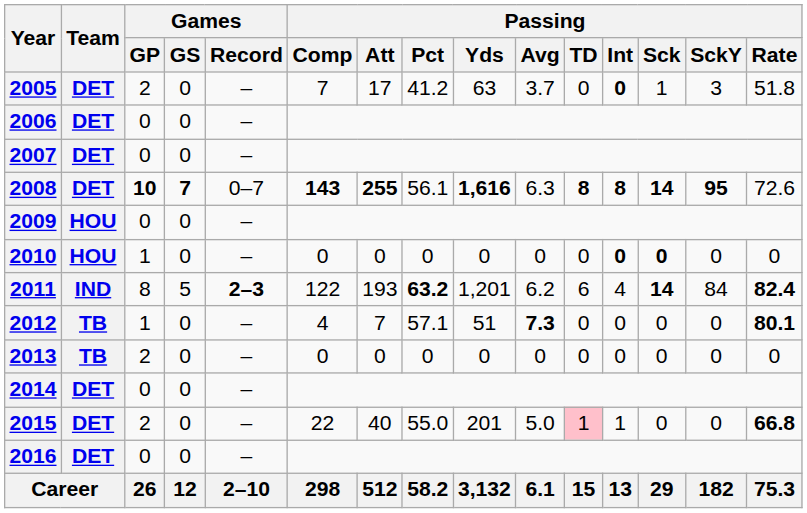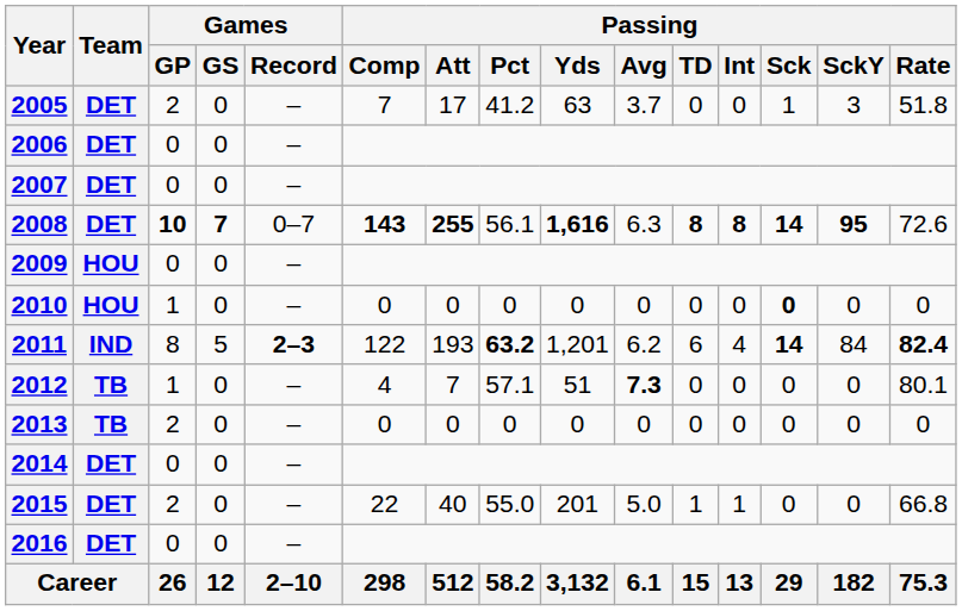 <table class="wikitable" style="text-align:center">
 <tr>
 <th rowspan="2">Year</th>
 <th rowspan="2">Team</th>
 <th colspan="3">Games</th>
 <th colspan="10">Passing</th>
 </tr>
 <tr>
 <th>GP</th>
 <th>GS</th>
 <th>Record</th>
 <th>Comp</th>
 <th>Att</th>
 <th>Pct</th>
 <th>Yds</th>
 <th>Avg</th>
 <th>TD</th>
 <th>Int</th>
 <th>Sck</th>
 <th>SckY</th>
 <th>Rate</th>
 </tr>
 <tr>
 <th><a href='#'>2005</a></th>
 <th><a href='#'>DET</a></th>
 <td>2</td>
 <td>0</td>
 <td>–</td>
 <td>7</td>
 <td>17</td>
 <td>41.2</td>
 <td>63</td>
 <td>3.7</td>
 <td>0</td>
-<td><strong>0</strong></td>
+<td>0</td>
 <td>1</td>
 <td>3</td>
 <td>51.8</td>
 </tr>
 <tr>
 <th><a href='#'>2006</a></th>
 <th><a href='#'>DET</a></th>
 <td>0</td>
 <td>0</td>
 <td>–</td>
 <td colspan="10"></td>
 </tr>
 <tr>
 <th><a href='#'>2007</a></th>
 <th><a href='#'>DET</a></th>
 <td>0</td>
 <td>0</td>
 <td>–</td>
 <td colspan="10"></td>
 </tr>
 <tr>
 <th><a href='#'>2008</a></th>
 <th><a href='#'>DET</a></th>
 <td><strong>10</strong></td>
 <td><strong>7</strong></td>
 <td>0–7</td>
 <td><strong>143</strong></td>
 <td><strong>255</strong></td>
 <td>56.1</td>
 <td><strong>1,616</strong></td>
 <td>6.3</td>
 <td><strong>8</strong></td>
 <td><strong>8</strong></td>
 <td><strong>14</strong></td>
 <td><strong>95</strong></td>
 <td>72.6</td>
 </tr>
 <tr>
 <th><a href='#'>2009</a></th>
 <th><a href='#'>HOU</a></th>
 <td>0</td>
 <td>0</td>
 <td>–</td>
 <td colspan="10"></td>
 </tr>
 <tr>
 <th><a href='#'>2010</a></th>
 <th><a href='#'>HOU</a></th>
 <td>1</td>
 <td>0</td>
 <td>–</td>
 <td>0</td>
 <td>0</td>
 <td>0</td>
 <td>0</td>
 <td>0</td>
 <td>0</td>
-<td><strong>0</strong></td>
+<td>0</td>
 <td><strong>0</strong></td>
 <td>0</td>
 <td>0</td>
 </tr>
 <tr>
 <th><a href='#'>2011</a></th>
 <th><a href='#'>IND</a></th>
 <td>8</td>
 <td>5</td>
 <td><strong>2–3</strong></td>
 <td>122</td>
 <td>193</td>
 <td><strong>63.2</strong></td>
 <td>1,201</td>
 <td>6.2</td>
 <td>6</td>
 <td>4</td>
 <td><strong>14</strong></td>
 <td>84</td>
 <td><strong>82.4</strong></td>
 </tr>
 <tr>
 <th><a href='#'>2012</a></th>
 <th><a href='#'>TB</a></th>
 <td>1</td>
 <td>0</td>
 <td>–</td>
 <td>4</td>
 <td>7</td>
 <td>57.1</td>
 <td>51</td>
 <td><strong>7.3</strong></td>
 <td>0</td>
 <td>0</td>
 <td>0</td>
 <td>0</td>
-<td><strong>80.1</strong></td>
+<td>80.1</td>
 </tr>
 <tr>
 <th><a href='#'>2013</a></th>
 <th><a href='#'>TB</a></th>
 <td>2</td>
 <td>0</td>
 <td>–</td>
 <td>0</td>
 <td>0</td>
 <td>0</td>
 <td>0</td>
 <td>0</td>
 <td>0</td>
 <td>0</td>
 <td>0</td>
 <td>0</td>
 <td>0</td>
 </tr>
 <tr>
 <th><a href='#'>2014</a></th>
 <th><a href='#'>DET</a></th>
 <td>0</td>
 <td>0</td>
 <td>–</td>
 <td colspan="10"></td>
 </tr>
 <tr>
 <th><a href='#'>2015</a></th>
 <th><a href='#'>DET</a></th>
 <td>2</td>
 <td>0</td>
 <td>–</td>
 <td>22</td>
 <td>40</td>
 <td>55.0</td>
 <td>201</td>
 <td>5.0</td>
-<td style="background: pink;">1</td>
+<td>1</td>
 <td>1</td>
 <td>0</td>
 <td>0</td>
-<td><strong>66.8</strong></td>
+<td>66.8</td>
 </tr>
 <tr>
 <th><a href='#'>2016</a></th>
 <th><a href='#'>DET</a></th>
 <td>0</td>
 <td>0</td>
 <td>–</td>
 <td colspan="10"></td>
 </tr>
 <tr class="sortbottom">
 <th colspan="2">Career</th>
 <th>26</th>
 <th>12</th>
 <th>2–10</th>
 <th>298</th>
 <th>512</th>
 <th>58.2</th>
 <th>3,132</th>
 <th>6.1</th>
 <th>15</th>
 <th>13</th>
 <th>29</th>
 <th>182</th>
 <th>75.3</th>
 </tr>
 </table>
